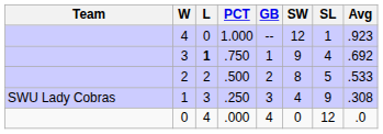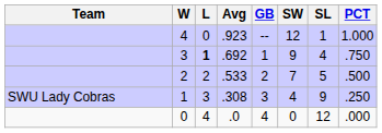 <table class=wikitable style="text-align:center;">
 <tr>
 <th style="width:200px;">Team</th>
 <th width=20px>W</th>
 <th width=20px>L</th>
-<th width=35px><a href='#'>PCT</a></th>
+<th width=35px>Avg</th>
 <th width=25px><a href='#'>GB</a></th>
 <th width=30px>SW</th>
 <th width=30px>SL</th>
-<th width=35px>Avg</th>
+<th width=35px><a href='#'>PCT</a></th>
 </tr>
 <tr style="background:#ccf;">
 <td align=left></td>
 <td>4</td>
 <td>0</td>
-<td>1.000</td>
+<td>.923</td>
 <td>--</td>
 <td>12</td>
 <td>1</td>
-<td>.923</td>
+<td>1.000</td>
 </tr>
 <tr style="background:#ccf;">
 <td align=left></td>
 <td>3</td>
 <td><strong>1</strong></td>
-<td>.750</td>
+<td>.692</td>
 <td>1</td>
 <td>9</td>
 <td>4</td>
-<td>.692</td>
+<td>.750</td>
 </tr>
 <tr style="background:#ccf;">
 <td align=left></td>
 <td>2</td>
 <td>2</td>
+<td>.533</td>
+<td>2</td>
+<td>7</td>
+<td>5</td>
 <td>.500</td>
-<td>2</td>
-<td>8</td>
-<td>5</td>
-<td>.533</td>
 </tr>
 <tr style="background:#ccf;">
 <td align=left> SWU Lady Cobras</td>
 <td>1</td>
 <td>3</td>
-<td>.250</td>
+<td>.308</td>
 <td>3</td>
 <td>4</td>
 <td>9</td>
-<td>.308</td>
+<td>.250</td>
 </tr>
 <tr>
 <td align=left></td>
 <td>0</td>
 <td>4</td>
-<td>.000</td>
+<td>.0</td>
 <td>4</td>
 <td>0</td>
 <td>12</td>
-<td>.0</td>
+<td>.000</td>
 </tr>
 </table>
